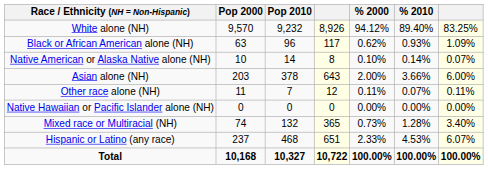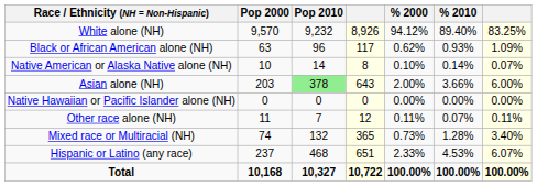 <table class="wikitable" style="text-align:center;">
 <tr>
 <th>Race / Ethnicity <small>(<em>NH = Non-Hispanic</em>)</small></th>
 <th>Pop 2000</th>
 <th>Pop 2010</th>
 <th></th>
 <th>% 2000</th>
 <th>% 2010</th>
 <th></th>
 </tr>
 <tr>
 <td><a href='#'>White</a> alone (NH)</td>
 <td>9,570</td>
 <td>9,232</td>
 <td style='background: #ffffe6;'>8,926</td>
 <td>94.12%</td>
 <td>89.40%</td>
 <td style='background: #ffffe6;'>83.25%</td>
 </tr>
 <tr>
 <td><a href='#'>Black or African American</a> alone (NH)</td>
 <td>63</td>
 <td>96</td>
 <td style='background: #ffffe6;'>117</td>
 <td>0.62%</td>
 <td>0.93%</td>
 <td style='background: #ffffe6;'>1.09%</td>
 </tr>
 <tr>
 <td><a href='#'>Native American</a> or <a href='#'>Alaska Native</a> alone (NH)</td>
 <td>10</td>
 <td>14</td>
 <td style='background: #ffffe6;'>8</td>
 <td>0.10%</td>
 <td>0.14%</td>
 <td style='background: #ffffe6;'>0.07%</td>
 </tr>
 <tr>
 <td><a href='#'>Asian</a> alone (NH)</td>
 <td>203</td>
-<td>378</td>
+<td style="background: lightgreen;">378</td>
 <td style='background: #ffffe6;'>643</td>
 <td>2.00%</td>
 <td>3.66%</td>
 <td style='background: #ffffe6;'>6.00%</td>
+</tr>
+<tr>
+<td><a href='#'>Native Hawaiian</a> or <a href='#'>Pacific Islander</a> alone (NH)</td>
+<td>0</td>
+<td>0</td>
+<td style='background: #ffffe6;'>0</td>
+<td>0.00%</td>
+<td>0.00%</td>
+<td style='background: #ffffe6;'>0.00%</td>
 </tr>
 <tr>
 <td><a href='#'>Other race</a> alone (NH)</td>
 <td>11</td>
 <td>7</td>
 <td style='background: #ffffe6;'>12</td>
 <td>0.11%</td>
 <td>0.07%</td>
 <td style='background: #ffffe6;'>0.11%</td>
-</tr>
-<tr>
-<td><a href='#'>Native Hawaiian</a> or <a href='#'>Pacific Islander</a> alone (NH)</td>
-<td>0</td>
-<td>0</td>
-<td style='background: #ffffe6;'>0</td>
-<td>0.00%</td>
-<td>0.00%</td>
-<td style='background: #ffffe6;'>0.00%</td>
 </tr>
 <tr>
 <td><a href='#'>Mixed race or Multiracial</a> (NH)</td>
 <td>74</td>
 <td>132</td>
 <td style='background: #ffffe6;'>365</td>
 <td>0.73%</td>
 <td>1.28%</td>
 <td style='background: #ffffe6;'>3.40%</td>
 </tr>
 <tr>
 <td><a href='#'>Hispanic or Latino</a> (any race)</td>
 <td>237</td>
 <td>468</td>
 <td style='background: #ffffe6;'>651</td>
 <td>2.33%</td>
 <td>4.53%</td>
 <td style='background: #ffffe6;'>6.07%</td>
 </tr>
 <tr>
 <td><strong>Total</strong></td>
 <td><strong>10,168</strong></td>
 <td><strong>10,327</strong></td>
 <td style='background: #ffffe6;'><strong>10,722</strong></td>
 <td><strong>100.00%</strong></td>
 <td><strong>100.00%</strong></td>
 <td style='background: #ffffe6;'><strong>100.00%</strong></td>
 </tr>
 </table>
